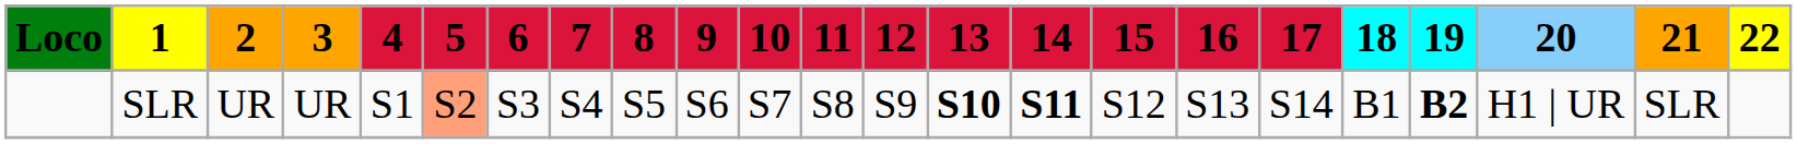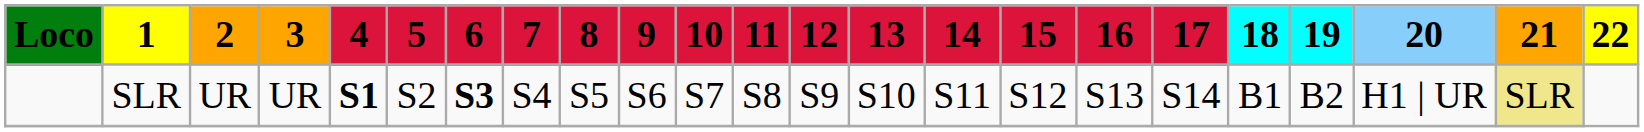 <table class="wikitable plainrowheaders unsortable" style="text-align:center">
 <tr>
 <th rowspan="1" scope="col" style="background:#007F0E;">Loco</th>
 <th rowspan="1" scope="col" style="background:yellow;">1</th>
 <th rowspan="1" scope="col" style="background:orange;">2</th>
 <th rowspan="1" scope="col" style="background:orange;">3</th>
 <th rowspan="1" scope="col" style="background:crimson;">4</th>
 <th rowspan="1" scope="col" style="background:crimson;">5</th>
 <th rowspan="1" scope="col" style="background:crimson;">6</th>
 <th rowspan="1" scope="col" style="background:crimson;">7</th>
 <th rowspan="1" scope="col" style="background:crimson;">8</th>
 <th rowspan="1" scope="col" style="background:crimson;">9</th>
 <th rowspan="1" scope="col" style="background:crimson;">10</th>
 <th rowspan="1" scope="col" style="background:crimson;">11</th>
 <th rowspan="1" scope="col" style="background:crimson;">12</th>
 <th rowspan="1" scope="col" style="background:crimson;">13</th>
 <th rowspan="1" scope="col" style="background:crimson;">14</th>
 <th rowspan="1" scope="col" style="background:crimson;">15</th>
 <th rowspan="1" scope="col" style="background:crimson;">16</th>
 <th rowspan="1" scope="col" style="background:crimson;">17</th>
 <th rowspan="1" scope="col" style="background:#00FFFF;">18</th>
 <th rowspan="1" scope="col" style="background:#00FFFF;">19</th>
 <th rowspan="1" scope="col" style="background:lightskyblue;">20</th>
 <th rowspan="1" scope="col" style="background:orange;">21</th>
 <th rowspan="1" scope="col" style="background:yellow;">22</th>
 </tr>
 <tr>
 <td></td>
 <td>SLR</td>
 <td>UR</td>
 <td>UR</td>
-<td>S1</td>
-<td style="background: lightsalmon;">S2</td>
-<td>S3</td>
+<td><strong>S1</strong></td>
+<td>S2</td>
+<td><strong>S3</strong></td>
 <td>S4</td>
 <td>S5</td>
 <td>S6</td>
 <td>S7</td>
 <td>S8</td>
 <td>S9</td>
-<td><strong>S10</strong></td>
-<td><strong>S11</strong></td>
+<td>S10</td>
+<td>S11</td>
 <td>S12</td>
 <td>S13</td>
 <td>S14</td>
 <td>B1</td>
-<td><strong>B2</strong></td>
+<td>B2</td>
 <td A1>H1 | UR</td>
-<td>SLR</td>
+<td style="background: khaki;">SLR</td>
 </tr>
 <tr>
 </tr>
 </table>
